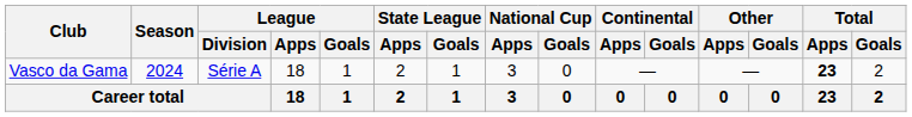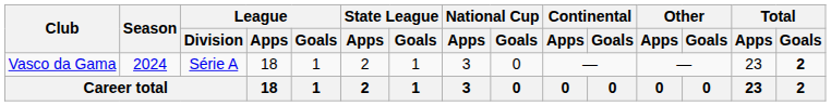 <table class="wikitable" style="text-align:center">
 <tr>
 <th rowspan="2">Club</th>
 <th rowspan="2">Season</th>
 <th colspan="3">League</th>
 <th colspan="2">State League</th>
 <th colspan="2">National Cup</th>
 <th colspan="2">Continental</th>
 <th colspan="2">Other</th>
 <th colspan="2">Total</th>
 </tr>
 <tr>
 <th>Division</th>
 <th>Apps</th>
 <th>Goals</th>
 <th>Apps</th>
 <th>Goals</th>
 <th>Apps</th>
 <th>Goals</th>
 <th>Apps</th>
 <th>Goals</th>
 <th>Apps</th>
 <th>Goals</th>
 <th>Apps</th>
 <th>Goals</th>
 </tr>
 <tr>
 <td><a href='#'>Vasco da Gama</a></td>
 <td><a href='#'>2024</a></td>
 <td><a href='#'>Série A</a></td>
 <td>18</td>
 <td>1</td>
 <td>2</td>
 <td>1</td>
 <td>3</td>
 <td>0</td>
 <td colspan="2">—</td>
 <td colspan="2">—</td>
-<td><strong>23</strong></td>
-<td>2</td>
+<td>23</td>
+<td><strong>2</strong></td>
 </tr>
 <tr>
 <th colspan="3">Career total</th>
 <th>18</th>
 <th>1</th>
 <th>2</th>
 <th>1</th>
 <th>3</th>
 <th>0</th>
 <th>0</th>
 <th>0</th>
 <th>0</th>
 <th>0</th>
 <th>23</th>
 <th>2</th>
 </tr>
 </table>
